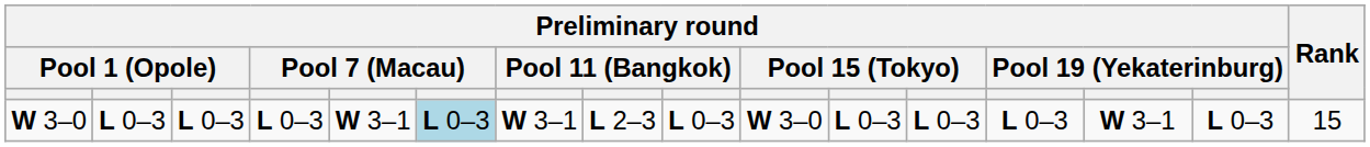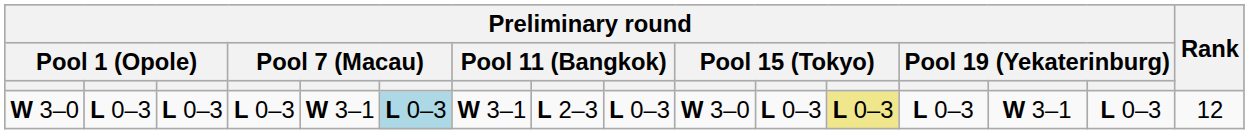 <table class="wikitable" style="font-size:90%;">
 <tr>
 <th colspan=15>Preliminary round</th>
 <th rowspan=3>Rank</th>
 </tr>
 <tr>
 <th colspan=3>Pool 1 (Opole)</th>
 <th colspan=3>Pool 7 (Macau)</th>
 <th colspan=3>Pool 11 (Bangkok)</th>
 <th colspan=3>Pool 15 (Tokyo)</th>
 <th colspan=3>Pool 19 (Yekaterinburg)</th>
 </tr>
 <tr>
 <th></th>
 <th></th>
 <th></th>
 <th></th>
 <th></th>
 <th></th>
 <th></th>
 <th></th>
 <th></th>
 <th></th>
 <th></th>
 <th></th>
 <th></th>
 <th></th>
 <th></th>
 </tr>
 <tr align=center>
 <td><strong>W</strong> 3–0</td>
 <td><strong>L</strong> 0–3</td>
 <td><strong>L</strong> 0–3</td>
 <td><strong>L</strong> 0–3</td>
 <td><strong>W</strong> 3–1</td>
 <td style="background: lightblue;"><strong>L</strong> 0–3</td>
 <td><strong>W</strong> 3–1</td>
 <td><strong>L</strong> 2–3</td>
 <td><strong>L</strong> 0–3</td>
 <td><strong>W</strong> 3–0</td>
 <td><strong>L</strong> 0–3</td>
-<td><strong>L</strong> 0–3</td>
+<td style="background: khaki;"><strong>L</strong> 0–3</td>
 <td><strong>L</strong> 0–3</td>
 <td><strong>W</strong> 3–1</td>
 <td><strong>L</strong> 0–3</td>
-<td>15</td>
+<td>12</td>
 </tr>
 </table>
